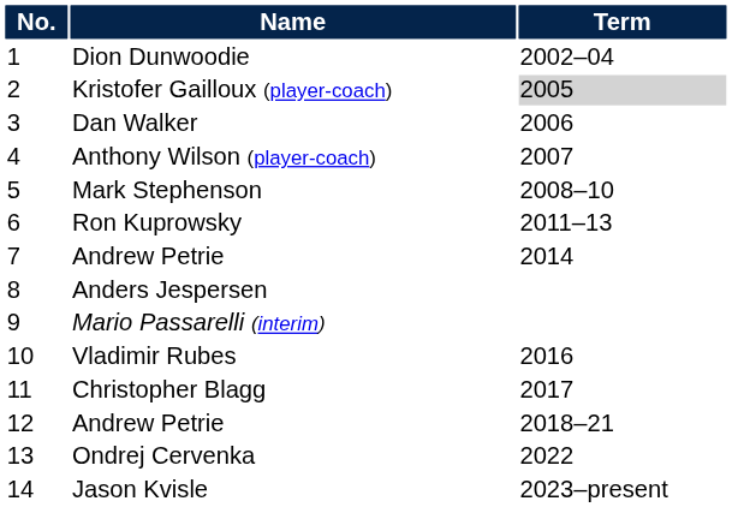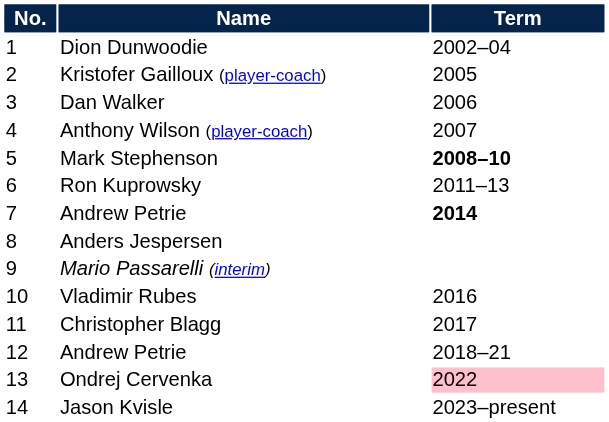 <table class="toccolours" style="width:30em">
 <tr>
 <th style="background:#04244b;color:white;border:#04244b 1px solid">No.</th>
 <th style="background:#04244b;color:white;border:#04244b 1px solid">Name</th>
 <th style="background:#04244b;color:white;border:#04244b 1px solid">Term</th>
 </tr>
 <tr>
 <td>1</td>
 <td> Dion Dunwoodie</td>
 <td>2002–04</td>
 </tr>
 <tr>
 <td>2</td>
 <td> Kristofer Gailloux <small>(<a href='#'>player-coach</a>)</small></td>
-<td style="background: lightgrey;">2005</td>
+<td>2005</td>
 </tr>
 <tr>
 <td>3</td>
 <td> Dan Walker</td>
 <td>2006</td>
 </tr>
 <tr>
 <td>4</td>
 <td> Anthony Wilson <small>(<a href='#'>player-coach</a>)</small></td>
 <td>2007</td>
 </tr>
 <tr>
 <td>5</td>
 <td> Mark Stephenson</td>
-<td>2008–10</td>
+<td><strong>2008–10</strong></td>
 </tr>
 <tr>
 <td>6</td>
 <td> Ron Kuprowsky</td>
 <td>2011–13</td>
 </tr>
 <tr>
 <td>7</td>
 <td> Andrew Petrie</td>
-<td>2014</td>
+<td><strong>2014</strong></td>
 </tr>
 <tr>
 <td>8</td>
 <td> Anders Jespersen</td>
 <td></td>
 </tr>
 <tr>
 <td>9</td>
 <td> <em>Mario Passarelli <small>(<a href='#'>interim</a>)</small></em></td>
 <td></td>
 </tr>
 <tr>
 <td>10</td>
 <td> Vladimir Rubes</td>
 <td>2016</td>
 </tr>
 <tr>
 <td>11</td>
 <td> Christopher Blagg</td>
 <td>2017</td>
 </tr>
 <tr>
 <td>12</td>
 <td> Andrew Petrie</td>
 <td>2018–21</td>
 </tr>
 <tr>
 <td>13</td>
 <td> Ondrej Cervenka</td>
-<td>2022</td>
+<td style="background: pink;">2022</td>
 </tr>
 <tr>
 <td>14</td>
 <td> Jason Kvisle</td>
 <td>2023–present</td>
 </tr>
 <tr>
 </tr>
 </table>
